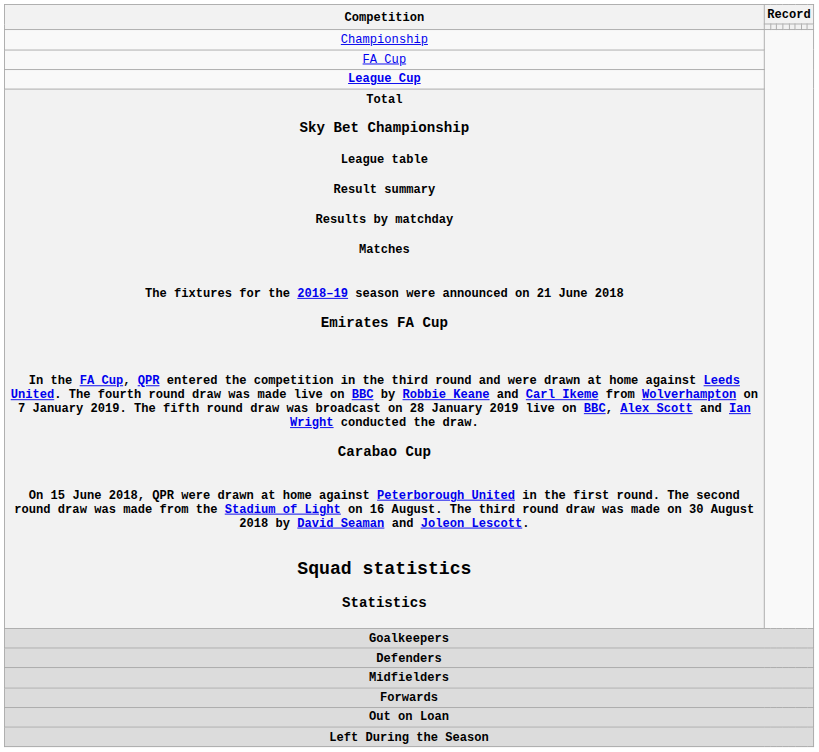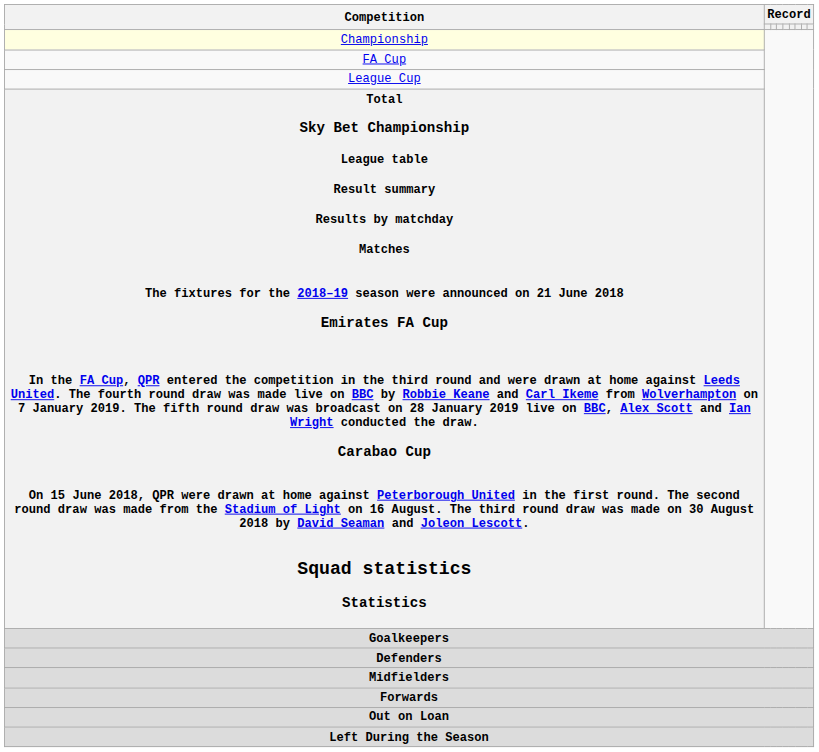 <table class="wikitable" style="text-align: center">
 <tr>
 <th rowspan=2>Competition</th>
 <th colspan=8>Record</th>
 </tr>
 <tr>
 <th></th>
 <th></th>
 <th></th>
 <th></th>
 <th></th>
 <th></th>
 <th></th>
 <th></th>
 </tr>
 <tr>
-<td><a href='#'>Championship</a><br></td>
+<td style="background: lightyellow;"><a href='#'>Championship</a><br></td>
 </tr>
 <tr>
 <td><a href='#'>FA Cup</a><br></td>
 </tr>
 <tr>
-<td><strong><a href='#'>League Cup</a><br></strong></td>
+<td><a href='#'>League Cup</a><br></td>
 </tr>
 <tr>
 <th>Total<br> <h3>Sky Bet Championship</h3><h4>League table</h4><h4>Result summary</h4> <h4>Results by matchday</h4><h4>Matches</h4>   <br>The fixtures for the <a href='#'>2018–19</a> season were announced on 21 June 2018<br>                                             <h3>Emirates FA Cup</h3><br>   <br>In the <a href='#'>FA Cup</a>, <a href='#'>QPR</a> entered the competition in the third round and were drawn at home against <a href='#'>Leeds United</a>. The fourth round draw was made live on <a href='#'>BBC</a> by <a href='#'>Robbie Keane</a> and <a href='#'>Carl Ikeme</a> from <a href='#'>Wolverhampton</a> on 7 January 2019. The fifth round draw was broadcast on 28 January 2019 live on <a href='#'>BBC</a>, <a href='#'>Alex Scott</a> and <a href='#'>Ian Wright</a> conducted the draw.<br>   <h3>Carabao Cup</h3><br>On 15 June 2018, QPR were drawn at home against <a href='#'>Peterborough United</a> in the first round. The second round draw was made from the <a href='#'>Stadium of Light</a> on 16 August. The third round draw was made on 30 August 2018 by <a href='#'>David Seaman</a> and <a href='#'>Joleon Lescott</a>.<br>   <br>  <h2>Squad statistics</h2><h3>Statistics</h3> </th>
 </tr>
 <tr>
 <th colspan="14" style="background:#dcdcdc; text-align:center">Goalkeepers<br> </th>
 </tr>
 <tr>
 <th colspan="14" style="background:#dcdcdc; text-align:center">Defenders<br>        </th>
 </tr>
 <tr>
 <th colspan="14" style="background:#dcdcdc; text-align:center">Midfielders<br>         </th>
 </tr>
 <tr>
 <th colspan="14" style="background:#dcdcdc; text-align:center">Forwards<br>   </th>
 </tr>
 <tr>
 <th colspan="14" style="background:#dcdcdc; text-align:center">Out on Loan<br>        </th>
 </tr>
 <tr>
 <th colspan="14" style="background:#dcdcdc; text-align:center">Left During the Season<br> </th>
 </tr>
 </table>
